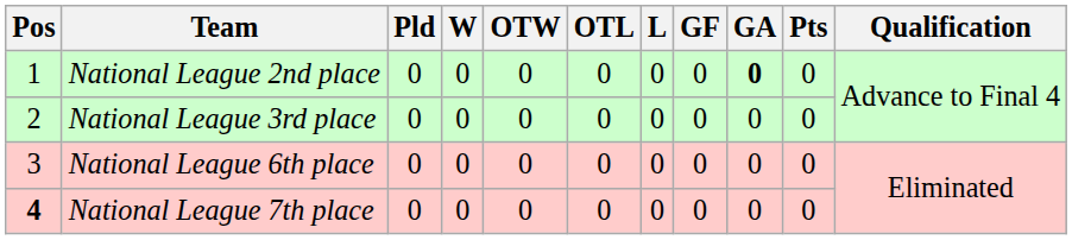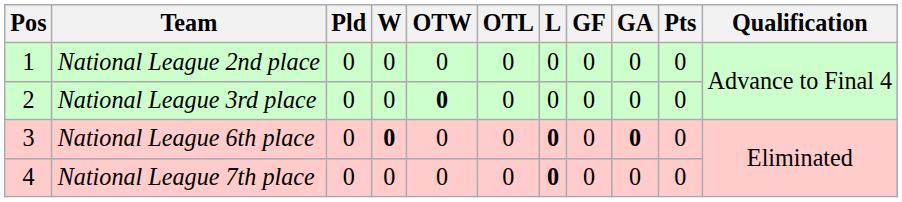 <table class="wikitable">
 <tr>
 <th>Pos</th>
 <th>Team</th>
 <th>Pld</th>
 <th>W</th>
 <th>OTW</th>
 <th>OTL</th>
 <th>L</th>
 <th>GF</th>
 <th>GA</th>
 <th>Pts</th>
 <th>Qualification</th>
 </tr>
 <tr style="background:#ccffcc;">
 <td align="center">1</td>
 <td align="center"><em>National League 2nd place</em></td>
 <td align="center">0</td>
 <td align="center">0</td>
 <td align="center">0</td>
 <td align="center">0</td>
 <td align="center">0</td>
 <td align="center">0</td>
-<td align="center"><strong>0</strong></td>
+<td align="center">0</td>
 <td align="center">0</td>
 <td rowspan="2">Advance to Final 4</td>
 </tr>
 <tr style="background:#ccffcc;">
 <td align="center">2</td>
 <td><em>National League 3rd place</em></td>
 <td align="center">0</td>
 <td align="center">0</td>
-<td align="center">0</td>
+<td align="center"><strong>0</strong></td>
 <td align="center">0</td>
 <td align="center">0</td>
 <td align="center">0</td>
 <td align="center">0</td>
 <td align="center">0</td>
 </tr>
 <tr style="background:#ffcccb;">
 <td align="center">3</td>
 <td><em>National League 6th place</em></td>
 <td align="center">0</td>
+<td align="center"><strong>0</strong></td>
 <td align="center">0</td>
 <td align="center">0</td>
+<td align="center"><strong>0</strong></td>
 <td align="center">0</td>
-<td align="center">0</td>
-<td align="center">0</td>
-<td align="center">0</td>
+<td align="center"><strong>0</strong></td>
 <td align="center">0</td>
 <td rowspan="2" align="center">Eliminated</td>
 </tr>
 <tr style="background:#ffcccb;">
-<td align="center"><strong>4</strong></td>
+<td align="center">4</td>
 <td><em>National League 7th place</em></td>
 <td align="center">0</td>
 <td align="center">0</td>
 <td align="center">0</td>
 <td align="center">0</td>
-<td align="center">0</td>
+<td align="center"><strong>0</strong></td>
 <td align="center">0</td>
 <td align="center">0</td>
 <td align="center">0</td>
 </tr>
 </table>
